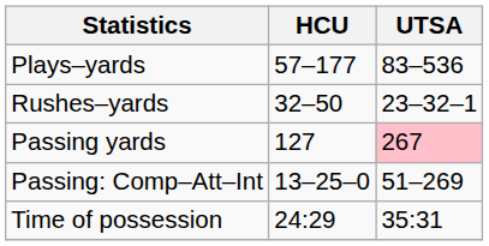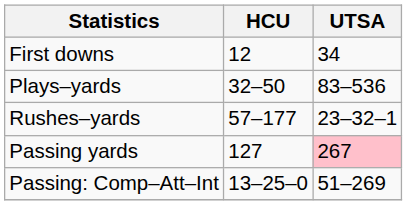 <table class="wikitable" style="float: left;">
 <tr>
 <th>Statistics</th>
 <th>HCU</th>
 <th>UTSA</th>
 </tr>
 <tr>
+<td>First downs</td>
+<td>12</td>
+<td>34</td>
+</tr>
+<tr>
 <td>Plays–yards</td>
-<td>57–177</td>
+<td>32–50</td>
 <td>83–536</td>
 </tr>
 <tr>
 <td>Rushes–yards</td>
-<td>32–50</td>
+<td>57–177</td>
 <td>23–32–1</td>
 </tr>
 <tr>
 <td>Passing yards</td>
 <td>127</td>
 <td style="background: pink;">267</td>
 </tr>
 <tr>
 <td>Passing: Comp–Att–Int</td>
 <td>13–25–0</td>
 <td>51–269</td>
 </tr>
 <tr>
-<td>Time of possession</td>
-<td>24:29</td>
-<td>35:31</td>
-</tr>
-<tr>
 </tr>
 </table>
